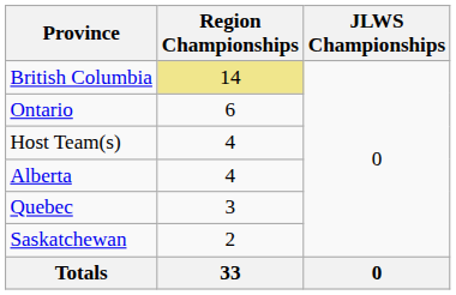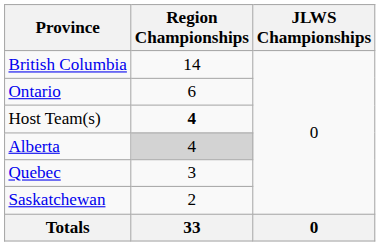 <table class="wikitable">
 <tr>
 <th>Province</th>
 <th>Region<br>Championships</th>
 <th>JLWS<br>Championships</th>
 </tr>
 <tr>
 <td> <a href='#'>British Columbia</a></td>
-<td align=center style="background: khaki;">14</td>
+<td align=center>14</td>
 <td rowspan="6" align="center">0</td>
 </tr>
 <tr>
 <td> <a href='#'>Ontario</a></td>
 <td align=center>6</td>
 </tr>
 <tr>
 <td> Host Team(s)</td>
-<td align="center">4</td>
+<td align="center"><strong>4</strong></td>
 </tr>
 <tr>
 <td> <a href='#'>Alberta</a></td>
-<td align="center">4</td>
+<td align="center" style="background: lightgrey;">4</td>
 </tr>
 <tr>
 <td> <a href='#'>Quebec</a></td>
 <td align="center">3</td>
 </tr>
 <tr>
 <td> <a href='#'>Saskatchewan</a></td>
 <td align=center>2</td>
 </tr>
 <tr>
 <th>Totals</th>
 <th>33</th>
 <th>0</th>
 </tr>
 </table>
